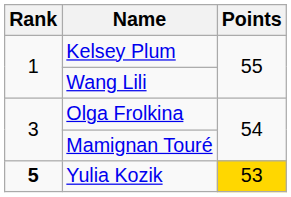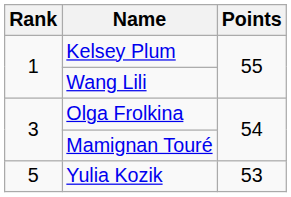 <table class=wikitable>
 <tr>
 <th>Rank</th>
 <th>Name</th>
 <th>Points</th>
 </tr>
 <tr>
 <td align=center rowspan=2>1</td>
 <td> <a href='#'>Kelsey Plum</a></td>
 <td align=center rowspan=2>55</td>
 </tr>
 <tr>
 <td> <a href='#'>Wang Lili</a></td>
 </tr>
 <tr>
 <td align=center rowspan=2>3</td>
 <td> <a href='#'>Olga Frolkina</a></td>
 <td align=center rowspan=2>54</td>
 </tr>
 <tr>
 <td> <a href='#'>Mamignan Touré</a></td>
 </tr>
 <tr>
-<td align=center><strong>5</strong></td>
+<td align=center>5</td>
 <td> <a href='#'>Yulia Kozik</a></td>
-<td align=center style="background: gold;">53</td>
+<td align=center>53</td>
 </tr>
 </table>
